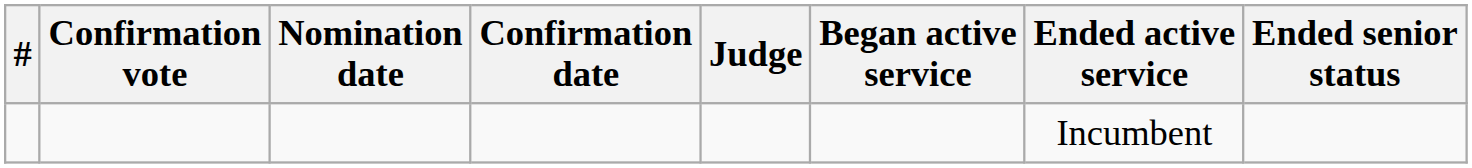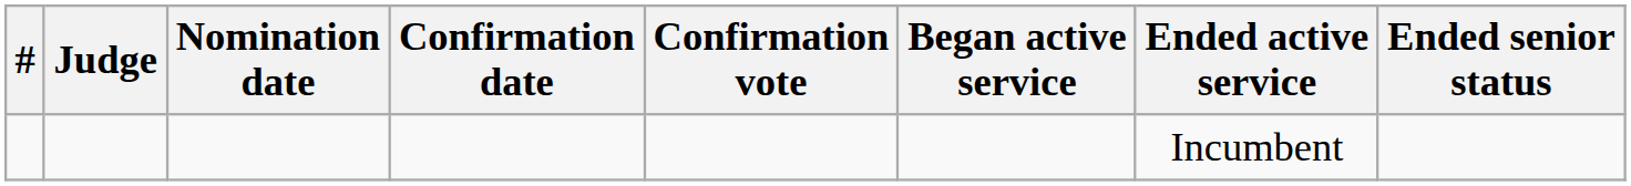 <table class="sortable wikitable">
 <tr bgcolor="#ececec">
 <th>#</th>
-<th>Confirmation<br>vote</th>
+<th>Judge</th>
 <th>Nomination<br>date</th>
 <th>Confirmation<br>date</th>
-<th>Judge</th>
+<th>Confirmation<br>vote</th>
 <th>Began active<br>service</th>
 <th>Ended active<br>service</th>
 <th>Ended senior<br>status</th>
 </tr>
 <tr>
 <td></td>
-<td align="center"></td>
 <td></td>
 <td></td>
 <td></td>
+<td align="center"></td>
 <td></td>
 <td align="center">Incumbent</td>
 <td align="center"></td>
 </tr>
 </table>
